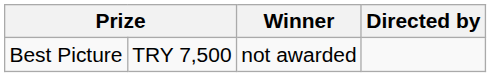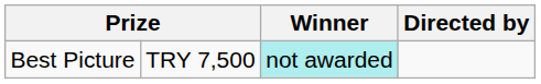 <table class="wikitable">
 <tr>
 <th colspan=2>Prize</th>
 <th>Winner</th>
 <th>Directed by</th>
 </tr>
 <tr>
 <td>Best Picture</td>
 <td>TRY 7,500</td>
-<td>not awarded</td>
+<td style="background: paleturquoise;">not awarded</td>
 <td></td>
 </tr>
 </table>
